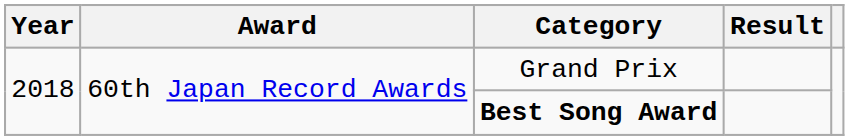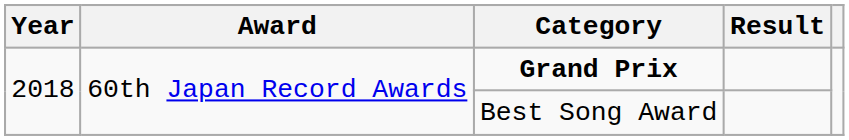 <table class="wikitable" style="text-align:center;">
 <tr>
 <th scope="col">Year</th>
 <th scope="col">Award</th>
 <th scope="col">Category</th>
 <th scope="col">Result</th>
 <th scope="col"></th>
 </tr>
 <tr>
 <td rowspan="2">2018</td>
 <td rowspan="2">60th <a href='#'>Japan Record Awards</a></td>
-<td>Grand Prix</td>
+<td><strong>Grand Prix</strong></td>
 <td></td>
 <td rowspan="2"></td>
 </tr>
 <tr>
-<td><strong>Best Song Award</strong></td>
+<td>Best Song Award</td>
 <td></td>
 </tr>
 </table>
